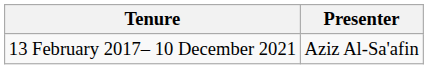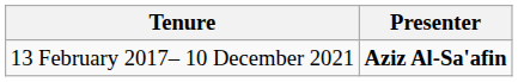 <table class="wikitable">
 <tr>
 <th>Tenure</th>
 <th>Presenter</th>
 </tr>
 <tr>
 <td>13 February 2017– 10 December 2021</td>
-<td>Aziz Al-Sa'afin</td>
+<td><strong>Aziz Al-Sa'afin</strong></td>
 </tr>
 </table>
